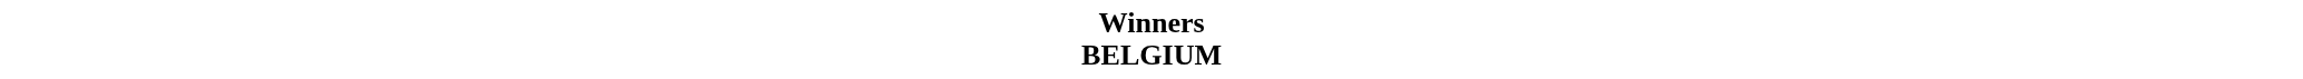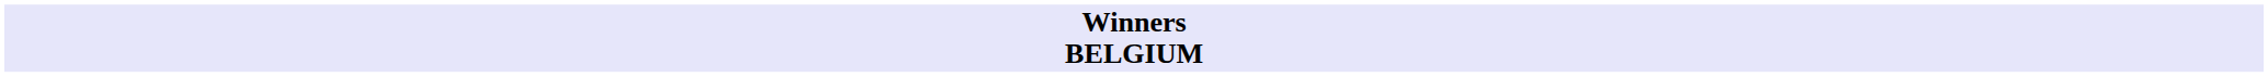 <table cellspacing=0 width=100%>
 <tr>
 <td align=center></td>
 </tr>
 <tr>
-<td align=center><strong>Winners<br>BELGIUM</strong></td>
+<td align=center style="background: lavender;"><strong>Winners<br>BELGIUM</strong></td>
 </tr>
 </table>
